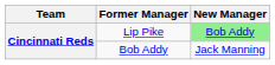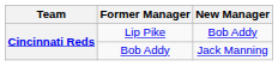 <table class="wikitable plainrowheaders" style="text-align:center;">
 <tr>
 <th scope="col">Team</th>
 <th scope="col">Former Manager</th>
 <th scope="col">New Manager</th>
 </tr>
 <tr>
 <th rowspan="2" scope="row" style="text-align:center;"><a href='#'>Cincinnati Reds</a></th>
 <td><a href='#'>Lip Pike</a></td>
-<td style="background: lightgreen;"><a href='#'>Bob Addy</a></td>
+<td><a href='#'>Bob Addy</a></td>
 </tr>
 <tr>
 <td><a href='#'>Bob Addy</a></td>
 <td><a href='#'>Jack Manning</a></td>
 </tr>
 </table>
